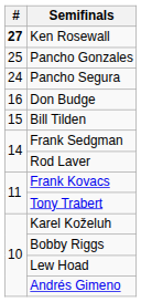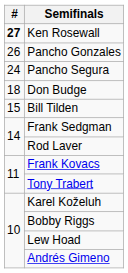 <table class=wikitable style="display:inline-table;">
 <tr>
 <th width=20>#</th>
 <th>Semifinals</th>
 </tr>
 <tr>
 <td><strong>27</strong></td>
 <td> Ken Rosewall</td>
 </tr>
 <tr>
-<td>25</td>
+<td>26</td>
 <td> Pancho Gonzales</td>
 </tr>
 <tr>
 <td>24</td>
 <td> Pancho Segura</td>
 </tr>
 <tr>
-<td>16</td>
+<td>18</td>
 <td> Don Budge</td>
 </tr>
 <tr>
 <td>15</td>
 <td> Bill Tilden</td>
 </tr>
 <tr>
 <td rowspan="2">14</td>
 <td> Frank Sedgman</td>
 </tr>
 <tr>
 <td> Rod Laver</td>
 </tr>
 <tr>
 <td rowspan="2">11</td>
 <td> <a href='#'>Frank Kovacs</a></td>
 </tr>
 <tr>
 <td> <a href='#'>Tony Trabert</a></td>
 </tr>
 <tr>
 <td rowspan="4">10</td>
 <td> Karel Koželuh</td>
 </tr>
 <tr>
 <td> Bobby Riggs</td>
 </tr>
 <tr>
 <td> Lew Hoad</td>
 </tr>
 <tr>
 <td> <a href='#'>Andrés Gimeno</a></td>
 </tr>
 </table>
